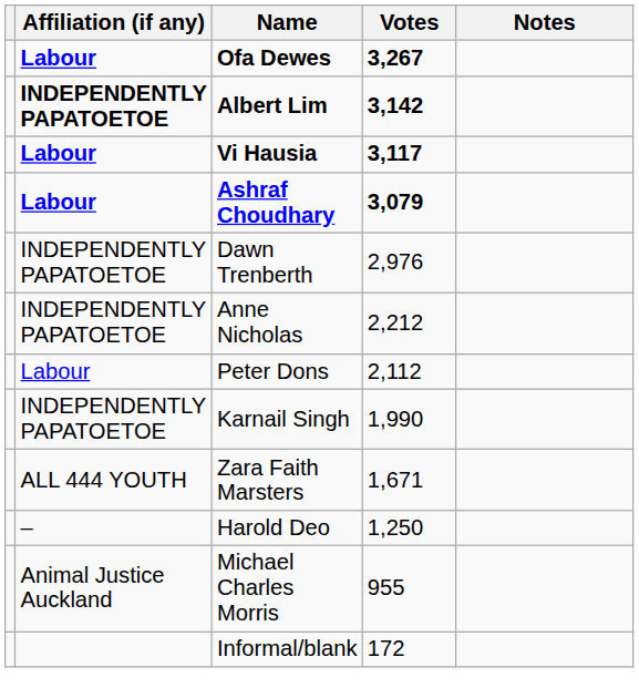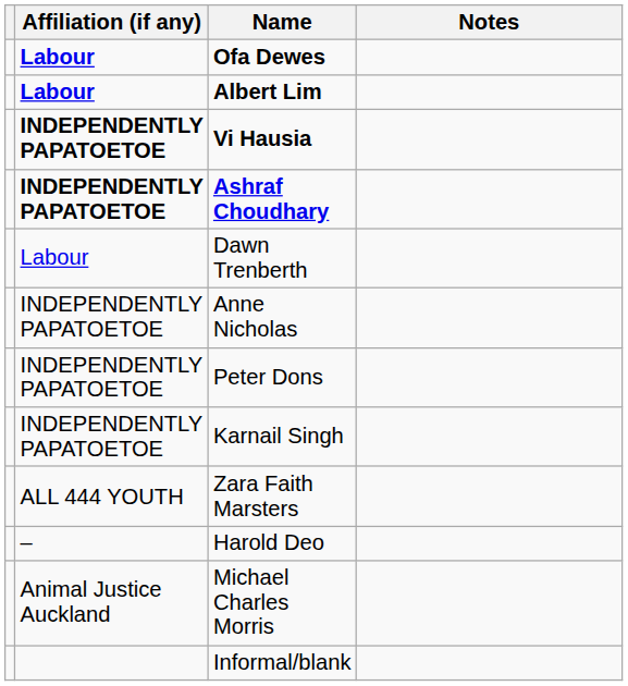 <table class="wikitable" style="width:51%;">
 <tr>
 <th style="width:1%;"></th>
 <th style="width:15%;">Affiliation (if any)</th>
 <th style="width:20%;">Name</th>
-<th style="width:15%;">Votes</th>
 <th>Notes</th>
 </tr>
 <tr>
 <td bgcolor=></td>
 <td><strong><a href='#'>Labour</a> </strong></td>
 <td><strong>Ofa Dewes</strong></td>
-<td><strong>3,267</strong></td>
+<td></td>
+</tr>
+<tr>
+<td></td>
+<td><strong><a href='#'>Labour</a> </strong></td>
+<td><strong>Albert Lim</strong></td>
 <td></td>
 </tr>
 <tr>
 <td></td>
 <td><strong>INDEPENDENTLY PAPATOETOE</strong></td>
-<td><strong>Albert Lim</strong></td>
-<td><strong>3,142</strong></td>
+<td><strong>Vi Hausia</strong></td>
 <td></td>
 </tr>
 <tr>
 <td></td>
-<td><strong><a href='#'>Labour</a> </strong></td>
-<td><strong>Vi Hausia</strong></td>
-<td><strong>3,117</strong></td>
-<td></td>
-</tr>
-<tr>
-<td></td>
-<td><strong><a href='#'>Labour</a> </strong></td>
+<td><strong>INDEPENDENTLY PAPATOETOE</strong></td>
 <td><strong><a href='#'>Ashraf Choudhary</a></strong></td>
-<td><strong>3,079</strong></td>
 <td></td>
 </tr>
 <tr>
 <td bgcolor=></td>
-<td>INDEPENDENTLY PAPATOETOE</td>
+<td><a href='#'>Labour</a></td>
 <td>Dawn Trenberth</td>
-<td>2,976</td>
 <td></td>
 </tr>
 <tr>
 <td bgcolor=></td>
 <td>INDEPENDENTLY PAPATOETOE</td>
 <td>Anne Nicholas</td>
-<td>2,212</td>
 <td></td>
 </tr>
 <tr>
 <td bgcolor=></td>
-<td><a href='#'>Labour</a></td>
+<td>INDEPENDENTLY PAPATOETOE</td>
 <td>Peter Dons</td>
-<td>2,112</td>
 <td></td>
 </tr>
 <tr>
 <td bgcolor=></td>
 <td>INDEPENDENTLY PAPATOETOE</td>
 <td>Karnail Singh</td>
-<td>1,990</td>
 <td></td>
 </tr>
 <tr>
 <td bgcolor=></td>
 <td>ALL 444 YOUTH</td>
 <td>Zara Faith Marsters</td>
-<td>1,671</td>
 <td></td>
 </tr>
 <tr>
 <td bgcolor=></td>
 <td>–</td>
 <td>Harold Deo</td>
-<td>1,250</td>
 <td></td>
 </tr>
 <tr>
 <td bgcolor=></td>
 <td>Animal Justice Auckland</td>
 <td>Michael Charles Morris</td>
-<td>955</td>
 <td></td>
 </tr>
 <tr>
 <td></td>
 <td></td>
 <td>Informal/blank</td>
-<td>172</td>
 <td></td>
 </tr>
 </table>
